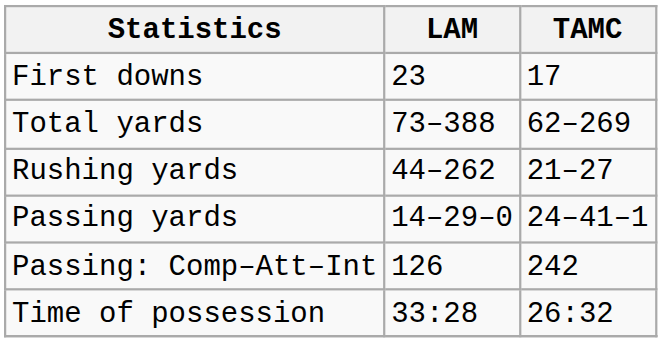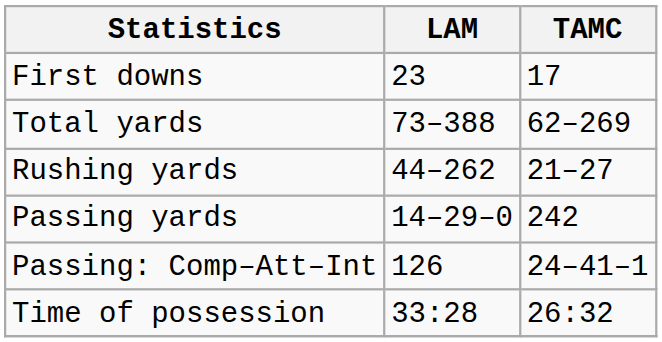 <table class="wikitable" style="float: left;">
 <tr>
 <th>Statistics</th>
 <th>LAM</th>
 <th>TAMC</th>
 </tr>
 <tr>
 <td>First downs</td>
 <td>23</td>
 <td>17</td>
 </tr>
 <tr>
 <td>Total yards</td>
 <td>73–388</td>
 <td>62–269</td>
 </tr>
 <tr>
 <td>Rushing yards</td>
 <td>44–262</td>
 <td>21–27</td>
 </tr>
 <tr>
 <td>Passing yards</td>
 <td>14–29–0</td>
-<td>24–41–1</td>
+<td>242</td>
 </tr>
 <tr>
 <td>Passing: Comp–Att–Int</td>
 <td>126</td>
-<td>242</td>
+<td>24–41–1</td>
 </tr>
 <tr>
 <td>Time of possession</td>
 <td>33:28</td>
 <td>26:32</td>
 </tr>
 <tr>
 </tr>
 </table>
